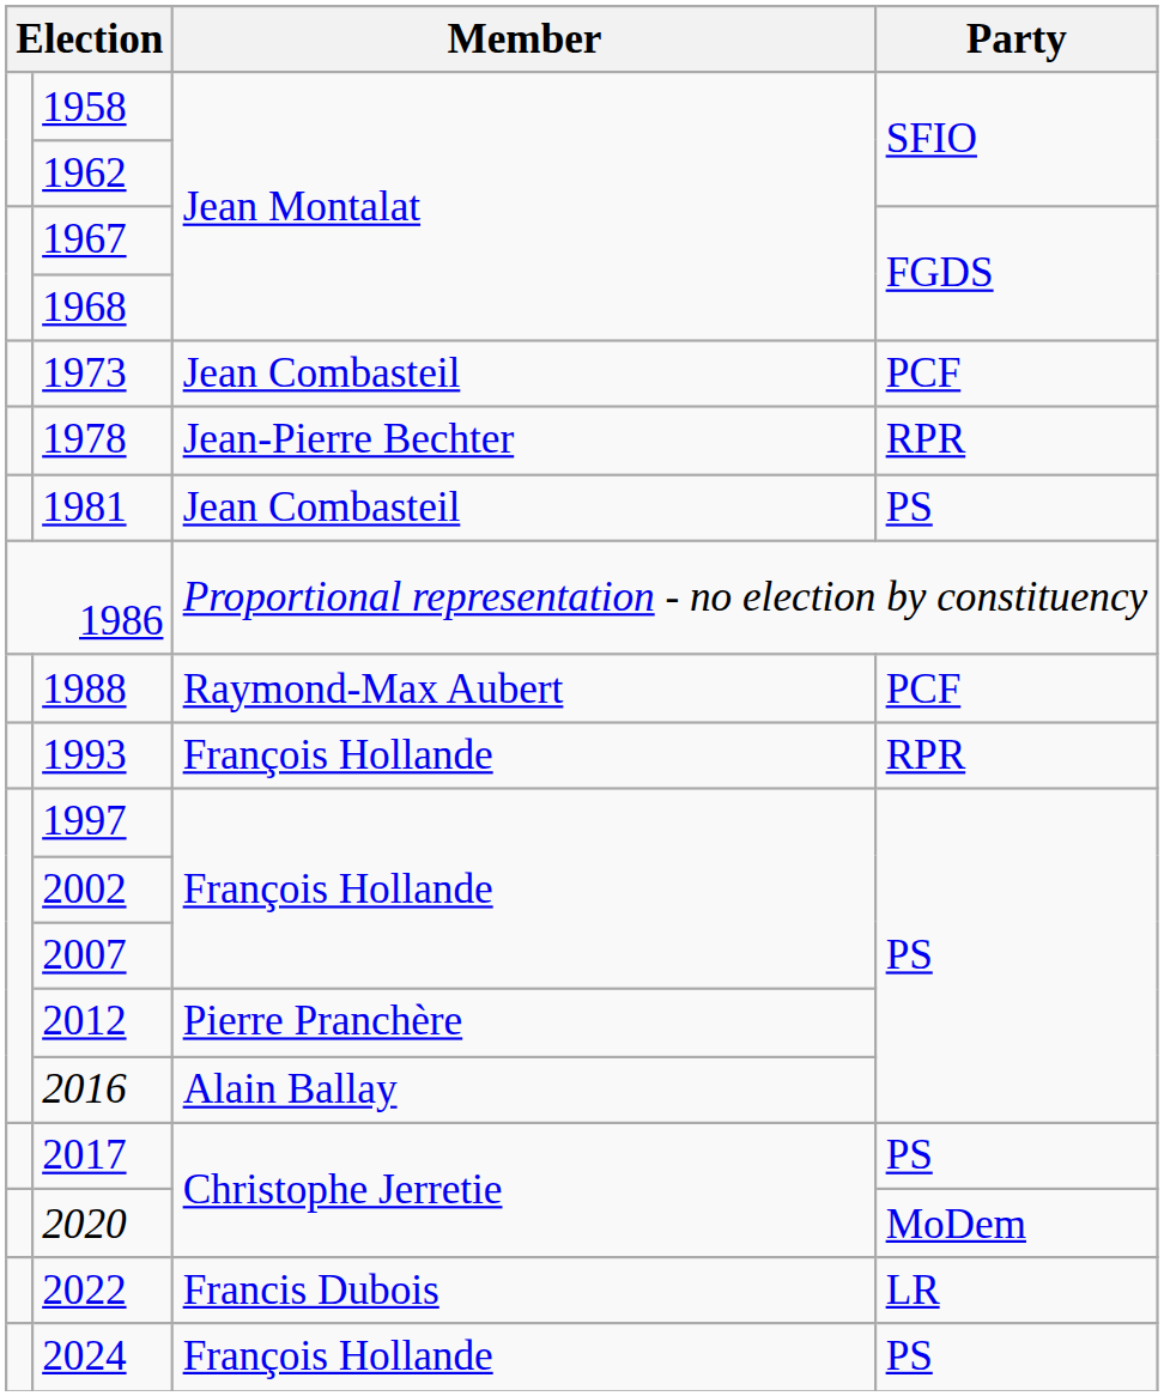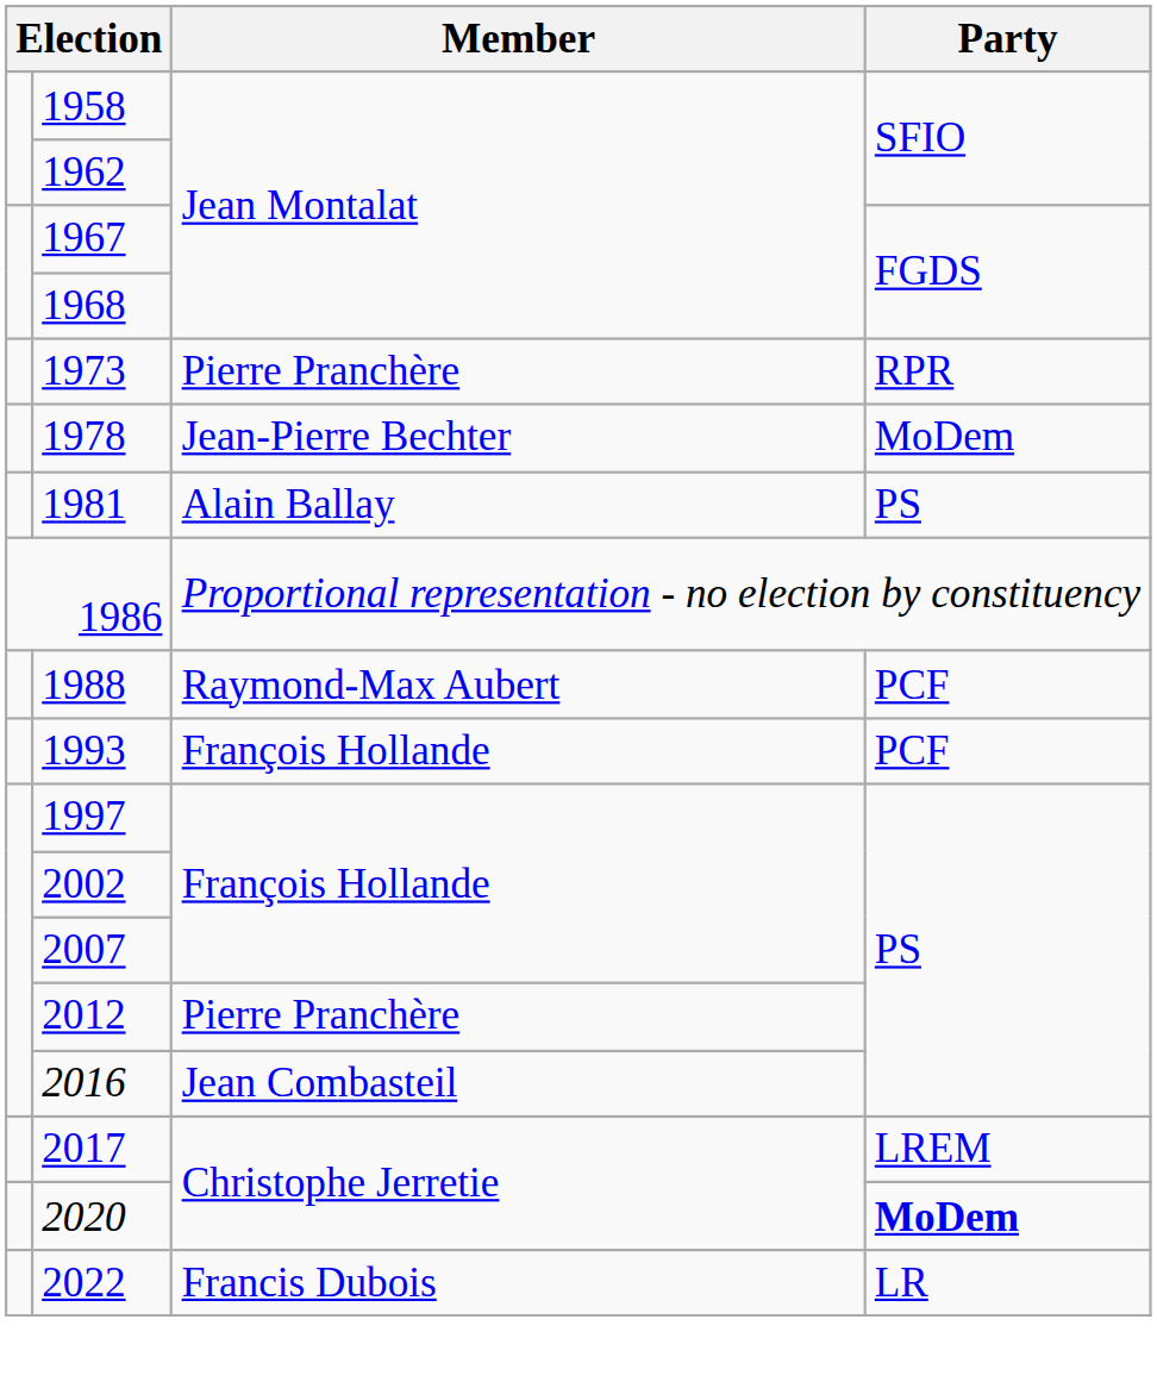 <table class="wikitable">
 <tr>
 <th colspan="2">Election</th>
 <th>Member</th>
 <th>Party</th>
 </tr>
 <tr>
 <td rowspan="2" style="color:inherit;background-color: "></td>
 <td><a href='#'>1958</a></td>
 <td rowspan="4"><a href='#'>Jean Montalat</a></td>
 <td rowspan="2"><a href='#'>SFIO</a></td>
 </tr>
 <tr>
 <td><a href='#'>1962</a></td>
 </tr>
 <tr>
 <td rowspan="2" style="color:inherit;background-color: "></td>
 <td><a href='#'>1967</a></td>
 <td rowspan="2"><a href='#'>FGDS</a></td>
 </tr>
 <tr>
 <td><a href='#'>1968</a></td>
 </tr>
 <tr>
 <td style="color:inherit;background-color: "></td>
 <td><a href='#'>1973</a></td>
-<td><a href='#'>Jean Combasteil</a></td>
-<td><a href='#'>PCF</a></td>
+<td><a href='#'>Pierre Pranchère</a></td>
+<td><a href='#'>RPR</a></td>
 </tr>
 <tr>
 <td style="color:inherit;background-color: "></td>
 <td><a href='#'>1978</a></td>
 <td><a href='#'>Jean-Pierre Bechter</a></td>
-<td><a href='#'>RPR</a></td>
+<td><a href='#'>MoDem</a></td>
 </tr>
 <tr>
 <td style="color:inherit;background-color: "></td>
 <td><a href='#'>1981</a></td>
-<td><a href='#'>Jean Combasteil</a></td>
+<td><a href='#'>Alain Ballay</a></td>
 <td><a href='#'>PS</a></td>
 </tr>
 <tr>
 <td colspan="2" align="right"><br><a href='#'>1986</a></td>
 <td colspan="2"><em><a href='#'>Proportional representation</a> - no election by constituency</em></td>
 </tr>
 <tr>
 <td style="color:inherit;background-color: "></td>
 <td><a href='#'>1988</a></td>
 <td><a href='#'>Raymond-Max Aubert</a></td>
 <td><a href='#'>PCF</a></td>
 </tr>
 <tr>
 <td style="color:inherit;background-color: "></td>
 <td><a href='#'>1993</a></td>
 <td><a href='#'>François Hollande</a></td>
-<td><a href='#'>RPR</a></td>
+<td><a href='#'>PCF</a></td>
 </tr>
 <tr>
 <td rowspan="5" style="color:inherit;background-color: "></td>
 <td><a href='#'>1997</a></td>
 <td rowspan=3><a href='#'>François Hollande</a></td>
 <td rowspan="5"><a href='#'>PS</a></td>
 </tr>
 <tr>
 <td><a href='#'>2002</a></td>
 </tr>
 <tr>
 <td><a href='#'>2007</a></td>
 </tr>
 <tr>
 <td><a href='#'>2012</a></td>
 <td><a href='#'>Pierre Pranchère</a></td>
 </tr>
 <tr>
 <td><em>2016</em></td>
-<td><a href='#'>Alain Ballay</a></td>
+<td><a href='#'>Jean Combasteil</a></td>
 </tr>
 <tr>
 <td style="color:inherit;background-color: "></td>
 <td><a href='#'>2017</a></td>
 <td rowspan="2"><a href='#'>Christophe Jerretie</a></td>
-<td><a href='#'>PS</a></td>
+<td><a href='#'>LREM</a></td>
 </tr>
 <tr>
 <td style="color:inherit;background-color: "></td>
 <td><em>2020</em></td>
-<td><a href='#'>MoDem</a></td>
+<td><strong><a href='#'>MoDem</a></strong></td>
 </tr>
 <tr>
 <td style="color:inherit;background-color: "></td>
 <td><a href='#'>2022</a></td>
 <td><a href='#'>Francis Dubois</a></td>
 <td><a href='#'>LR</a></td>
 </tr>
-<tr>
-<td style="color:inherit;background-color: "></td>
-<td><a href='#'>2024</a></td>
-<td><a href='#'>François Hollande</a></td>
-<td><a href='#'>PS</a></td>
-</tr>
 </table>
